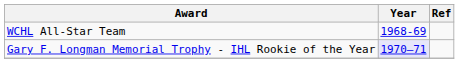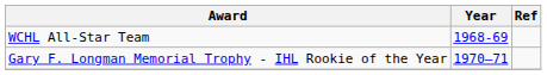 <table class="wikitable">
 <tr>
 <th>Award</th>
 <th>Year</th>
 <th>Ref</th>
 </tr>
 <tr>
 <td><a href='#'>WCHL</a> All-Star Team</td>
 <td><a href='#'>1968-69</a></td>
 <td></td>
 </tr>
 <tr>
 <td><a href='#'>Gary F. Longman Memorial Trophy</a> - <a href='#'>IHL</a> Rookie of the Year</td>
-<td style="background: lavender;"><a href='#'>1970–71</a></td>
+<td><a href='#'>1970–71</a></td>
 <td></td>
 </tr>
 <tr>
 </tr>
 </table>
